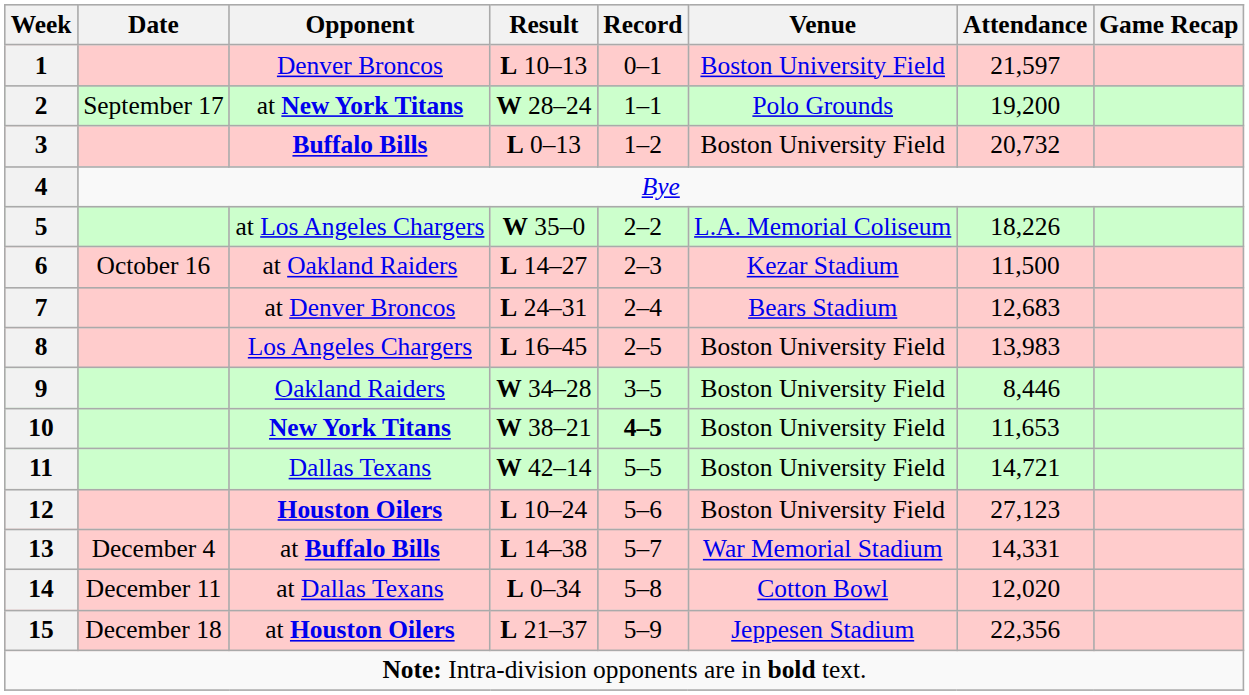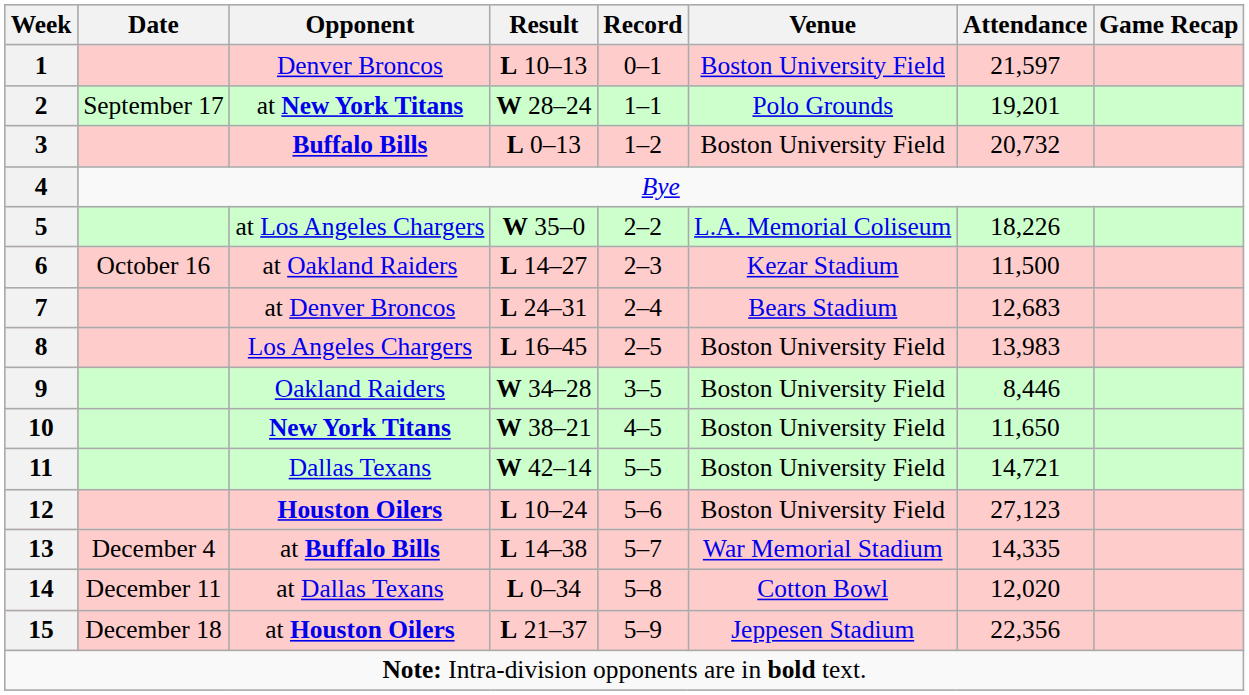 <table class="wikitable" style="text-align:center">
 <tr>
 <th>Week</th>
 <th>Date</th>
 <th>Opponent</th>
 <th>Result</th>
 <th>Record</th>
 <th>Venue</th>
 <th>Attendance</th>
 <th>Game Recap</th>
 </tr>
 <tr style="background:#fcc">
 <th>1</th>
 <td></td>
 <td><a href='#'>Denver Broncos</a></td>
 <td><strong>L</strong> 10–13</td>
 <td>0–1</td>
 <td><a href='#'>Boston University Field</a></td>
 <td>21,597</td>
 <td></td>
 </tr>
 <tr style="background:#cfc">
 <th>2</th>
 <td>September 17</td>
 <td>at <strong><a href='#'>New York Titans</a></strong></td>
 <td><strong>W</strong> 28–24</td>
 <td>1–1</td>
 <td><a href='#'>Polo Grounds</a></td>
-<td>19,200</td>
+<td>19,201</td>
 <td></td>
 </tr>
 <tr style="background:#fcc">
 <th>3</th>
 <td></td>
 <td><strong><a href='#'>Buffalo Bills</a></strong></td>
 <td><strong>L</strong> 0–13</td>
 <td>1–2</td>
 <td>Boston University Field</td>
 <td>20,732</td>
 <td></td>
 </tr>
 <tr>
 <th>4</th>
 <td colspan="7" align="center"><em><a href='#'>Bye</a></em></td>
 </tr>
 <tr style="background:#cfc">
 <th>5</th>
 <td></td>
 <td>at <a href='#'>Los Angeles Chargers</a></td>
 <td><strong>W</strong> 35–0</td>
 <td>2–2</td>
 <td><a href='#'>L.A. Memorial Coliseum</a></td>
 <td>18,226</td>
 <td></td>
 </tr>
 <tr style="background:#fcc">
 <th>6</th>
 <td>October 16</td>
 <td>at <a href='#'>Oakland Raiders</a></td>
 <td><strong>L</strong> 14–27</td>
 <td>2–3</td>
 <td><a href='#'>Kezar Stadium</a></td>
 <td>11,500</td>
 <td></td>
 </tr>
 <tr style="background:#fcc">
 <th>7</th>
 <td></td>
 <td>at <a href='#'>Denver Broncos</a></td>
 <td><strong>L</strong> 24–31</td>
 <td>2–4</td>
 <td><a href='#'>Bears Stadium</a></td>
 <td>12,683</td>
 <td></td>
 </tr>
 <tr style="background:#fcc">
 <th>8</th>
 <td></td>
 <td><a href='#'>Los Angeles Chargers</a></td>
 <td><strong>L</strong> 16–45</td>
 <td>2–5</td>
 <td>Boston University Field</td>
 <td>13,983</td>
 <td></td>
 </tr>
 <tr style="background:#cfc">
 <th>9</th>
 <td></td>
 <td><a href='#'>Oakland Raiders</a></td>
 <td><strong>W</strong> 34–28</td>
 <td>3–5</td>
 <td>Boston University Field</td>
 <td>  8,446</td>
 <td></td>
 </tr>
 <tr style="background:#cfc">
 <th>10</th>
 <td></td>
 <td><strong><a href='#'>New York Titans</a></strong></td>
 <td><strong>W</strong> 38–21</td>
-<td><strong>4–5</strong></td>
+<td>4–5</td>
 <td>Boston University Field</td>
-<td>11,653</td>
+<td>11,650</td>
 <td></td>
 </tr>
 <tr style="background:#cfc">
 <th>11</th>
 <td></td>
 <td><a href='#'>Dallas Texans</a></td>
 <td><strong>W</strong> 42–14</td>
 <td>5–5</td>
 <td>Boston University Field</td>
 <td>14,721</td>
 <td></td>
 </tr>
 <tr style="background:#fcc">
 <th>12</th>
 <td></td>
 <td><strong><a href='#'>Houston Oilers</a></strong></td>
 <td><strong>L</strong> 10–24</td>
 <td>5–6</td>
 <td>Boston University Field</td>
 <td>27,123</td>
 <td></td>
 </tr>
 <tr style="background:#fcc">
 <th>13</th>
 <td>December 4</td>
 <td>at <strong><a href='#'>Buffalo Bills</a></strong></td>
 <td><strong>L</strong> 14–38</td>
 <td>5–7</td>
 <td><a href='#'>War Memorial Stadium</a></td>
-<td>14,331</td>
+<td>14,335</td>
 <td></td>
 </tr>
 <tr style="background:#fcc">
 <th>14</th>
 <td>December 11</td>
 <td>at <a href='#'>Dallas Texans</a></td>
 <td><strong>L</strong> 0–34</td>
 <td>5–8</td>
 <td><a href='#'>Cotton Bowl</a></td>
 <td>12,020</td>
 <td></td>
 </tr>
 <tr style="background: #fcc">
 <th>15</th>
 <td>December 18</td>
 <td>at <strong><a href='#'>Houston Oilers</a></strong></td>
 <td><strong>L</strong> 21–37</td>
 <td>5–9</td>
 <td><a href='#'>Jeppesen Stadium</a></td>
 <td>22,356</td>
 <td></td>
 </tr>
 <tr>
 <td colspan="8"><strong>Note:</strong> Intra-division opponents are in <strong>bold</strong> text.</td>
 </tr>
 </table>
